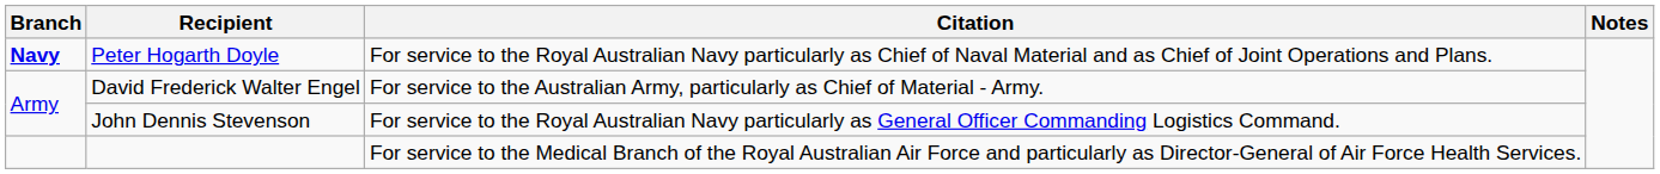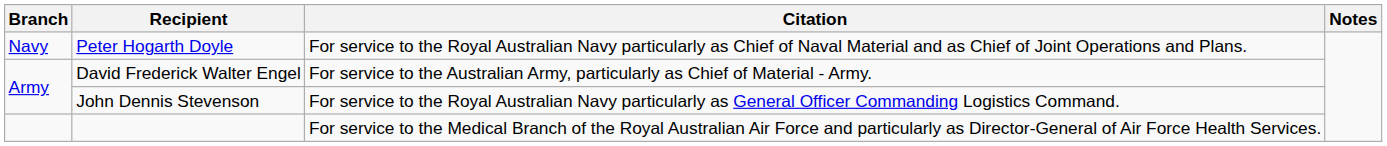 <table class="wikitable" style="font-size:95%;">
 <tr>
 <th>Branch</th>
 <th>Recipient</th>
 <th>Citation</th>
 <th>Notes</th>
 </tr>
 <tr>
-<td><strong><a href='#'>Navy</a></strong></td>
+<td><a href='#'>Navy</a></td>
 <td> <a href='#'>Peter Hogarth Doyle</a> </td>
 <td>For service to the Royal Australian Navy particularly as Chief of Naval Material and as Chief of Joint Operations and Plans.</td>
 <td rowspan=4></td>
 </tr>
 <tr>
 <td rowspan=2><a href='#'>Army</a></td>
 <td> David Frederick Walter Engel </td>
 <td>For service to the Australian Army, particularly as Chief of Material - Army.</td>
 </tr>
 <tr>
 <td> John Dennis Stevenson </td>
 <td>For service to the Royal Australian Navy particularly as <a href='#'>General Officer Commanding</a> Logistics Command.</td>
 </tr>
 <tr>
 <td></td>
 <td></td>
 <td>For service to the Medical Branch of the Royal Australian Air Force and particularly as Director-General of Air Force Health Services.</td>
 </tr>
 </table>
